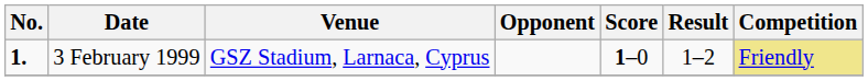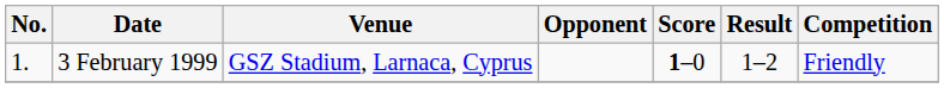 <table class="wikitable">
 <tr>
 <th>No.</th>
 <th>Date</th>
 <th>Venue</th>
 <th>Opponent</th>
 <th>Score</th>
 <th>Result</th>
 <th>Competition</th>
 </tr>
 <tr>
-<td><strong>1.</strong></td>
+<td>1.</td>
 <td>3 February 1999</td>
 <td><a href='#'>GSZ Stadium</a>, <a href='#'>Larnaca</a>, <a href='#'>Cyprus</a></td>
 <td></td>
 <td align=center><strong>1</strong>–0</td>
 <td align=center>1–2</td>
-<td style="background: khaki;"><a href='#'>Friendly</a></td>
+<td><a href='#'>Friendly</a></td>
 </tr>
 <tr>
 </tr>
 </table>
